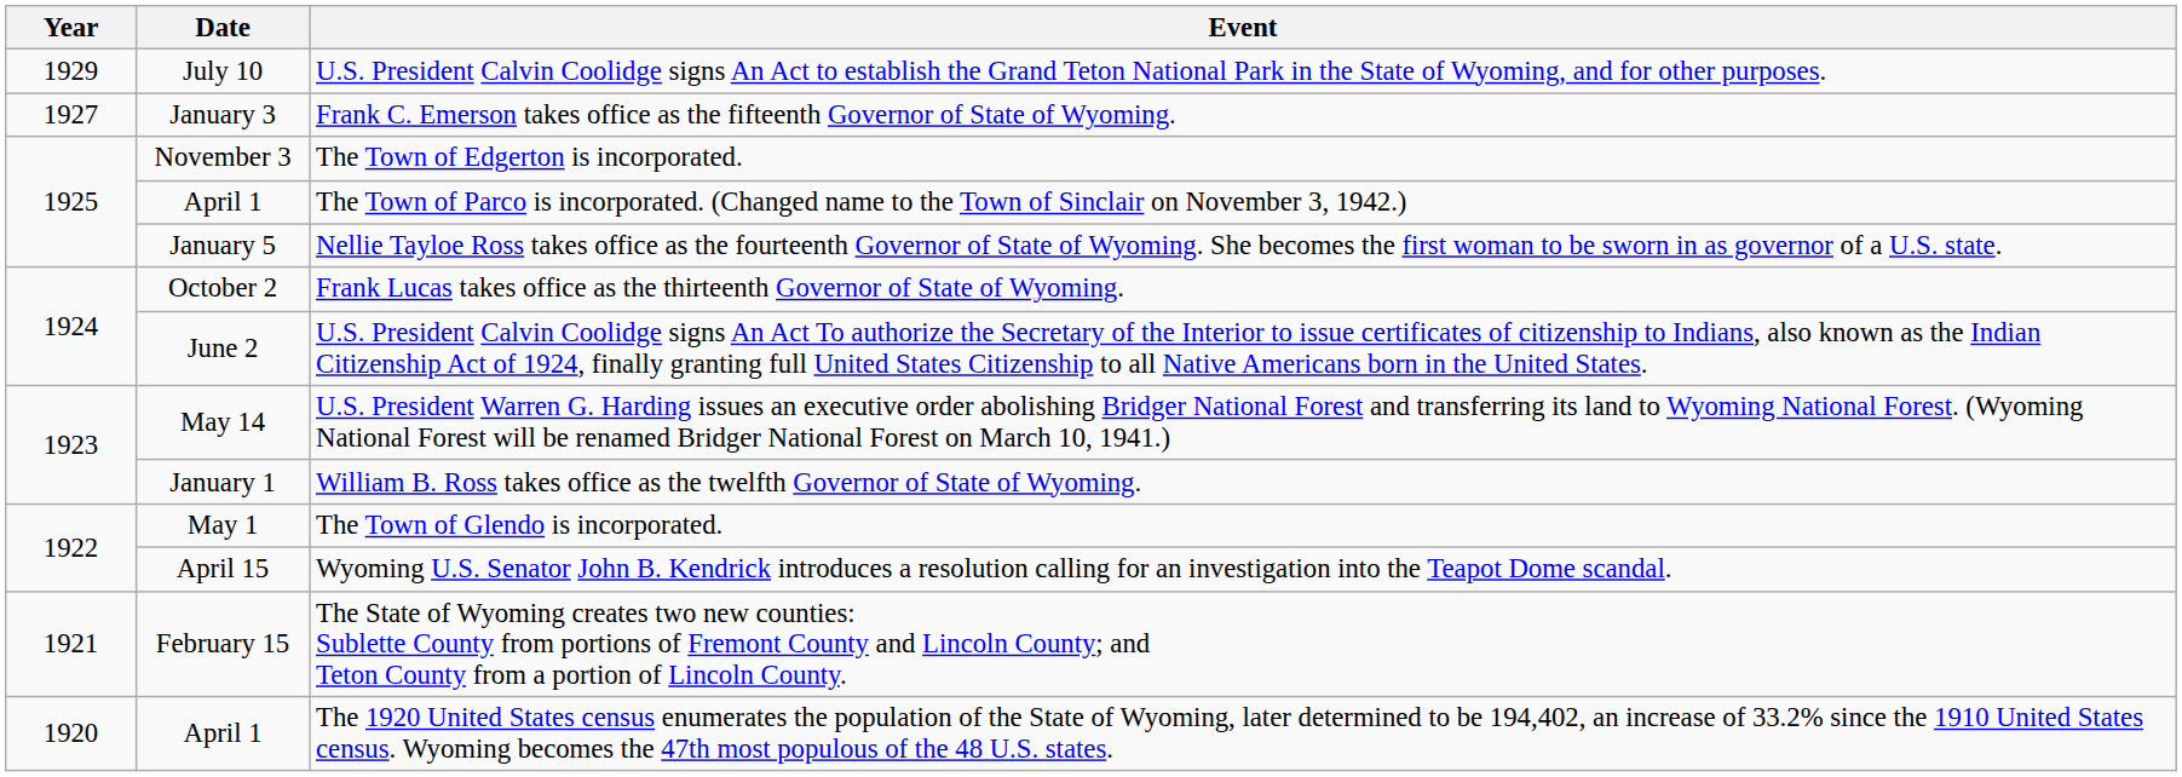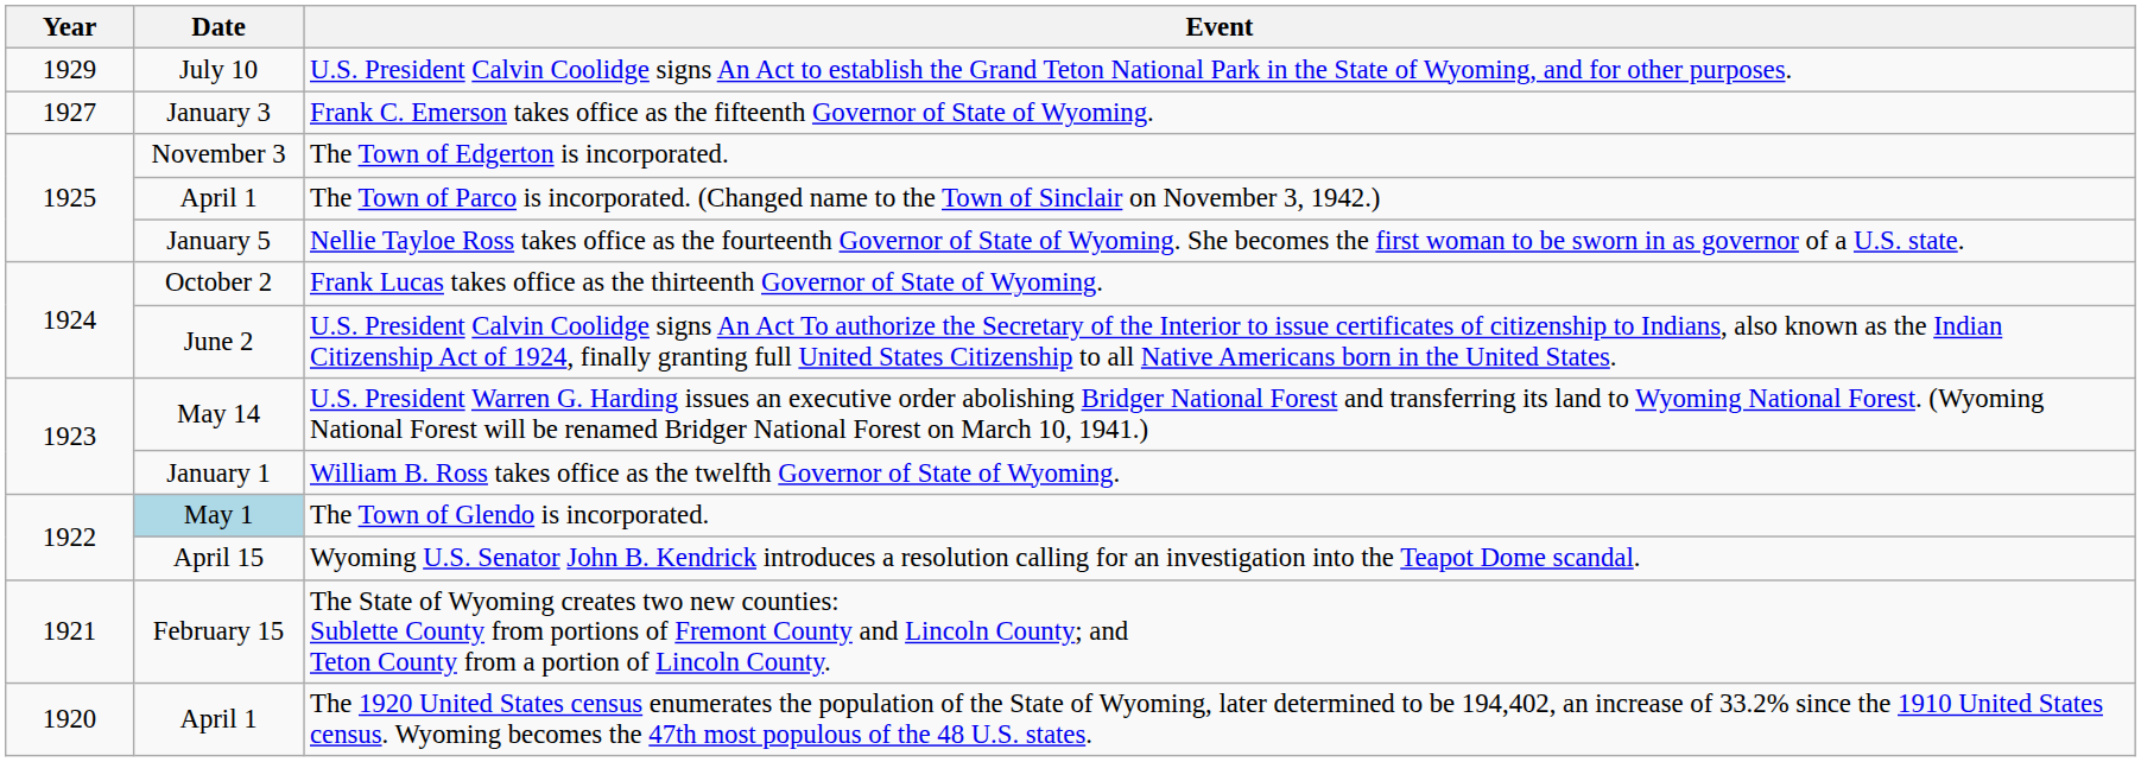 <table class="wikitable" style="width:100%;">
 <tr>
 <th style="width:6%">Year</th>
 <th style="width:8%">Date</th>
 <th style="width:86%">Event</th>
 </tr>
 <tr>
 <td align=center rowspan=1>1929</td>
 <td align=center>July 10</td>
 <td><a href='#'>U.S. President</a> <a href='#'>Calvin Coolidge</a> signs <a href='#'>An Act to establish the Grand Teton National Park in the State of Wyoming, and for other purposes</a>.</td>
 </tr>
 <tr>
 <td align=center rowspan=1>1927</td>
 <td align=center>January 3</td>
 <td><a href='#'>Frank C. Emerson</a> takes office as the fifteenth <a href='#'>Governor of State of Wyoming</a>.</td>
 </tr>
 <tr>
 <td align=center rowspan=3>1925</td>
 <td align=center>November 3</td>
 <td>The <a href='#'>Town of Edgerton</a> is incorporated.</td>
 </tr>
 <tr>
 <td align=center>April 1</td>
 <td>The <a href='#'>Town of Parco</a> is incorporated. (Changed name to the <a href='#'>Town of Sinclair</a> on November 3, 1942.)</td>
 </tr>
 <tr>
 <td align=center>January 5</td>
 <td><a href='#'>Nellie Tayloe Ross</a> takes office as the fourteenth <a href='#'>Governor of State of Wyoming</a>. She becomes the <a href='#'>first woman to be sworn in as governor</a> of a <a href='#'>U.S. state</a>.</td>
 </tr>
 <tr>
 <td align=center rowspan=2>1924</td>
 <td align=center>October 2</td>
 <td><a href='#'>Frank Lucas</a> takes office as the thirteenth <a href='#'>Governor of State of Wyoming</a>.</td>
 </tr>
 <tr>
 <td align=center>June 2</td>
 <td><a href='#'>U.S. President</a> <a href='#'>Calvin Coolidge</a> signs <a href='#'>An Act To authorize the Secretary of the Interior to issue certificates of citizenship to Indians</a>, also known as the <a href='#'>Indian Citizenship Act of 1924</a>, finally granting full <a href='#'>United States Citizenship</a> to all <a href='#'>Native Americans born in the United States</a>.</td>
 </tr>
 <tr>
 <td align=center rowspan=2>1923</td>
 <td align=center>May 14</td>
 <td><a href='#'>U.S. President</a> <a href='#'>Warren G. Harding</a> issues an executive order abolishing <a href='#'>Bridger National Forest</a> and transferring its land to <a href='#'>Wyoming National Forest</a>. (Wyoming National Forest will be renamed Bridger National Forest on March 10, 1941.)</td>
 </tr>
 <tr>
 <td align=center>January 1</td>
 <td><a href='#'>William B. Ross</a> takes office as the twelfth <a href='#'>Governor of State of Wyoming</a>.</td>
 </tr>
 <tr>
 <td align=center rowspan=2>1922</td>
-<td align=center>May 1</td>
+<td align=center style="background: lightblue;">May 1</td>
 <td>The <a href='#'>Town of Glendo</a> is incorporated.</td>
 </tr>
 <tr>
 <td align=center>April 15</td>
 <td>Wyoming <a href='#'>U.S. Senator</a> <a href='#'>John B. Kendrick</a> introduces a resolution calling for an investigation into the <a href='#'>Teapot Dome scandal</a>.</td>
 </tr>
 <tr>
 <td align=center rowspan=1>1921</td>
 <td align=center>February 15</td>
 <td>The State of Wyoming creates two new counties:<br><a href='#'>Sublette County</a> from portions of <a href='#'>Fremont County</a> and <a href='#'>Lincoln County</a>; and<br><a href='#'>Teton County</a> from a portion of <a href='#'>Lincoln County</a>.</td>
 </tr>
 <tr>
 <td align=center rowspan=1>1920</td>
 <td align=center>April 1</td>
 <td>The <a href='#'>1920 United States census</a> enumerates the population of the State of Wyoming, later determined to be 194,402, an increase of 33.2% since the <a href='#'>1910 United States census</a>. Wyoming becomes the <a href='#'>47th most populous of the 48 U.S. states</a>.</td>
 </tr>
 </table>
